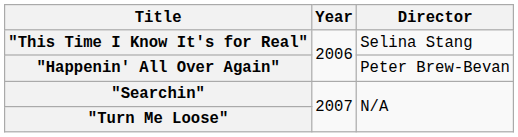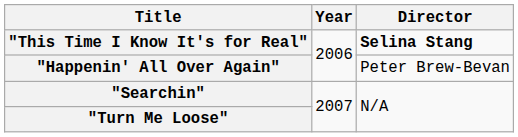 <table class="wikitable plainrowheaders" border="1">
 <tr>
 <th scope="col">Title</th>
 <th scope="col">Year</th>
 <th scope="col">Director</th>
 </tr>
 <tr>
 <th scope="row">"This Time I Know It's for Real"</th>
 <td rowspan="2" style="text-align:center;">2006</td>
-<td>Selina Stang</td>
+<td><strong>Selina Stang</strong></td>
 </tr>
 <tr>
 <th scope="Row">"Happenin' All Over Again"</th>
 <td>Peter Brew-Bevan</td>
 </tr>
 <tr>
 <th scope="row">"Searchin"</th>
 <td rowspan="2" style="text-align:center;">2007</td>
 <td rowspan="2">N/A</td>
 </tr>
 <tr>
 <th scope="row">"Turn Me Loose"</th>
 </tr>
 </table>
